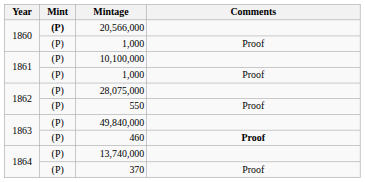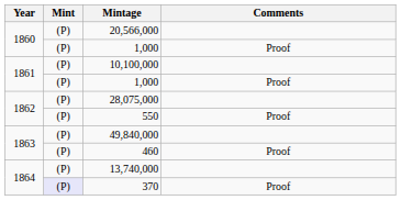 <table class="wikitable sortable" style="min-width:65%; text-align:center;">
 <tr>
 <th width="10%">Year</th>
 <th width="10%">Mint</th>
 <th width="20%">Mintage</th>
 <th width="60%">Comments</th>
 </tr>
 <tr>
 <td rowspan="2">1860</td>
-<td><strong>(P)</strong></td>
+<td>(P)</td>
 <td align="right">20,566,000</td>
 <td></td>
 </tr>
 <tr>
 <td>(P)</td>
 <td align="right">1,000</td>
 <td>Proof</td>
 </tr>
 <tr>
 <td rowspan="2">1861</td>
 <td>(P)</td>
 <td align="right">10,100,000</td>
 <td></td>
 </tr>
 <tr>
 <td>(P)</td>
 <td align="right">1,000</td>
 <td>Proof</td>
 </tr>
 <tr>
 <td rowspan="2">1862</td>
 <td>(P)</td>
 <td align="right">28,075,000</td>
 <td></td>
 </tr>
 <tr>
 <td>(P)</td>
 <td align="right">550</td>
 <td>Proof</td>
 </tr>
 <tr>
 <td rowspan="2">1863</td>
 <td>(P)</td>
 <td align="right">49,840,000</td>
 <td></td>
 </tr>
 <tr>
 <td>(P)</td>
 <td align="right">460</td>
-<td><strong>Proof</strong></td>
+<td>Proof</td>
 </tr>
 <tr>
 <td rowspan="2">1864</td>
 <td>(P)</td>
 <td align="right">13,740,000</td>
 <td></td>
 </tr>
 <tr>
-<td>(P)</td>
+<td style="background: lavender;">(P)</td>
 <td align="right">370</td>
 <td>Proof</td>
 </tr>
 </table>
